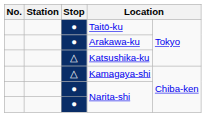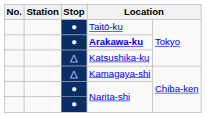 <table class="wikitable">
 <tr>
 <th>No.</th>
 <th>Station</th>
 <th>Stop</th>
 <th colspan="2">Location</th>
 </tr>
 <tr>
 <td></td>
 <td></td>
 <td style="background:#092d67; text-align:center; color:White;">●</td>
 <td><a href='#'>Taitō-ku</a></td>
 <td rowspan="3"><a href='#'>Tokyo</a></td>
 </tr>
 <tr>
 <td></td>
 <td></td>
 <td style="background:#092d67; text-align:center; color:White;">●</td>
-<td><a href='#'>Arakawa-ku</a></td>
+<td><strong><a href='#'>Arakawa-ku</a></strong></td>
 </tr>
 <tr>
 <td></td>
 <td></td>
 <td style="background:#092d67; text-align:center; color:White;">△</td>
 <td><a href='#'>Katsushika-ku</a></td>
 </tr>
 <tr>
 <td></td>
 <td></td>
 <td style="background:#092d67; text-align:center; color:White;">△</td>
 <td><a href='#'>Kamagaya-shi</a></td>
 <td rowspan="3"><a href='#'>Chiba-ken</a></td>
 </tr>
 <tr>
 <td></td>
 <td></td>
 <td style="background:#092d67; text-align:center; color:White;">●</td>
 <td rowspan="2"><a href='#'>Narita-shi</a></td>
 </tr>
 <tr>
 <td></td>
 <td></td>
 <td style="background:#092d67; text-align:center; color:White;">●</td>
 </tr>
 </table>
